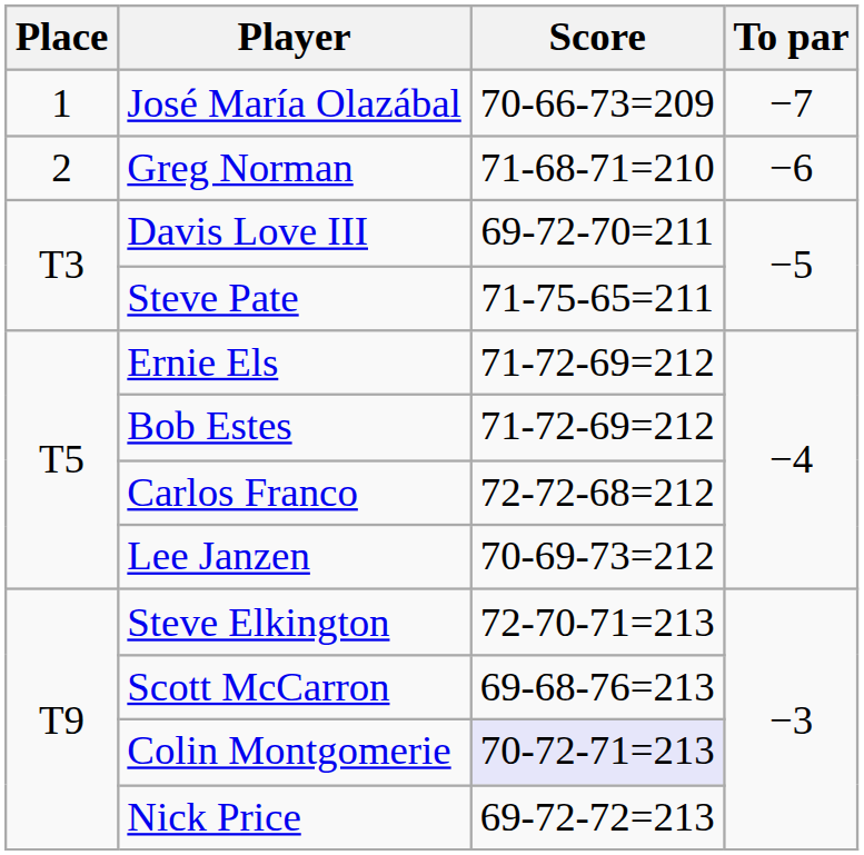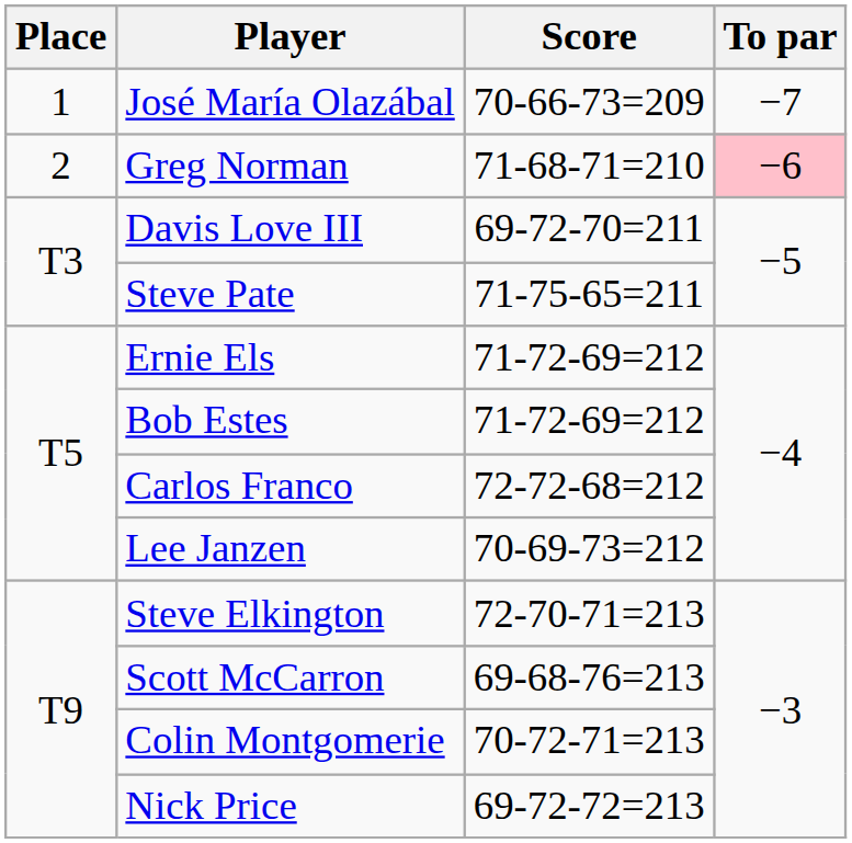 <table class="wikitable">
 <tr>
 <th>Place</th>
 <th>Player</th>
 <th>Score</th>
 <th>To par</th>
 </tr>
 <tr>
 <td align=center>1</td>
 <td> <a href='#'>José María Olazábal</a></td>
 <td align=center>70-66-73=209</td>
 <td align=center>−7</td>
 </tr>
 <tr>
 <td align=center>2</td>
 <td> <a href='#'>Greg Norman</a></td>
 <td align=center>71-68-71=210</td>
-<td align=center>−6</td>
+<td align=center style="background: pink;">−6</td>
 </tr>
 <tr>
 <td rowspan="2" align=center>T3</td>
 <td> <a href='#'>Davis Love III</a></td>
 <td align=center>69-72-70=211</td>
 <td rowspan="2" align=center>−5</td>
 </tr>
 <tr>
 <td> <a href='#'>Steve Pate</a></td>
 <td align=center>71-75-65=211</td>
 </tr>
 <tr>
 <td rowspan="4" align=center>T5</td>
 <td> <a href='#'>Ernie Els</a></td>
 <td align=center>71-72-69=212</td>
 <td rowspan="4" align=center>−4</td>
 </tr>
 <tr>
 <td> <a href='#'>Bob Estes</a></td>
 <td align=center>71-72-69=212</td>
 </tr>
 <tr>
 <td> <a href='#'>Carlos Franco</a></td>
 <td align=center>72-72-68=212</td>
 </tr>
 <tr>
 <td> <a href='#'>Lee Janzen</a></td>
 <td align=center>70-69-73=212</td>
 </tr>
 <tr>
 <td rowspan="4" align=center>T9</td>
 <td> <a href='#'>Steve Elkington</a></td>
 <td align=center>72-70-71=213</td>
 <td rowspan="4" align=center>−3</td>
 </tr>
 <tr>
 <td> <a href='#'>Scott McCarron</a></td>
 <td align=center>69-68-76=213</td>
 </tr>
 <tr>
 <td> <a href='#'>Colin Montgomerie</a></td>
-<td align=center style="background: lavender;">70-72-71=213</td>
+<td align=center>70-72-71=213</td>
 </tr>
 <tr>
 <td> <a href='#'>Nick Price</a></td>
 <td align=center>69-72-72=213</td>
 </tr>
 </table>
